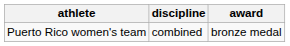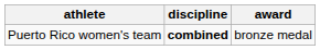 <table class="wikitable">
 <tr>
 <th>athlete</th>
 <th>discipline</th>
 <th>award</th>
 </tr>
 <tr>
 <td>Puerto Rico women's team</td>
-<td>combined</td>
+<td><strong>combined</strong></td>
 <td>bronze medal</td>
 </tr>
 </table>
